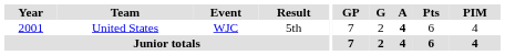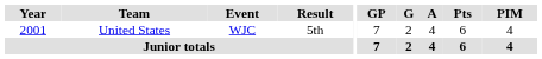 <table border="0" cellpadding="1" cellspacing="0" ID="Table3" style="text-align:center; width:40em">
 <tr ALIGN="center" bgcolor="#e0e0e0">
 <th>Year</th>
 <th>Team</th>
 <th>Event</th>
 <th>Result</th>
 <th rowspan="99" bgcolor="#ffffff"></th>
 <th>GP</th>
 <th>G</th>
 <th>A</th>
 <th>Pts</th>
 <th>PIM</th>
 </tr>
 <tr>
 <td><a href='#'>2001</a></td>
 <td><a href='#'>United States</a></td>
 <td><a href='#'>WJC</a></td>
 <td>5th</td>
 <td>7</td>
 <td>2</td>
-<td><strong>4</strong></td>
+<td>4</td>
 <td>6</td>
 <td>4</td>
 </tr>
 <tr bgcolor="#e0e0e0">
 <th colspan="4">Junior totals</th>
 <th>7</th>
 <th>2</th>
 <th>4</th>
 <th>6</th>
 <th>4</th>
 </tr>
 </table>
